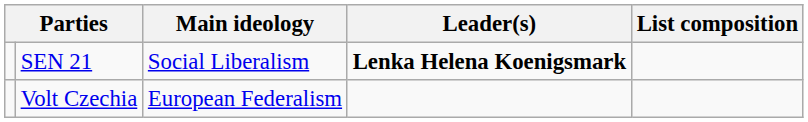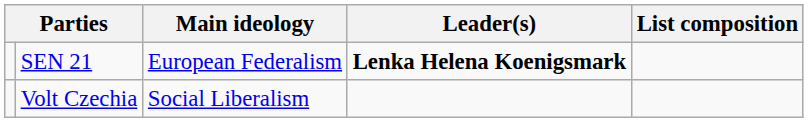 <table class="wikitable" style="font-size:95%">
 <tr>
 <th colspan="2">Parties</th>
 <th>Main ideology</th>
 <th>Leader(s)</th>
 <th>List composition</th>
 </tr>
 <tr>
 <td></td>
 <td><a href='#'>SEN 21</a></td>
-<td><a href='#'>Social Liberalism</a></td>
+<td><a href='#'>European Federalism</a></td>
 <td><strong>Lenka Helena Koenigsmark</strong></td>
 <td></td>
 </tr>
 <tr>
 <td></td>
 <td><a href='#'>Volt Czechia</a></td>
-<td><a href='#'>European Federalism</a></td>
+<td><a href='#'>Social Liberalism</a></td>
 <td></td>
 <td></td>
 </tr>
 </table>
